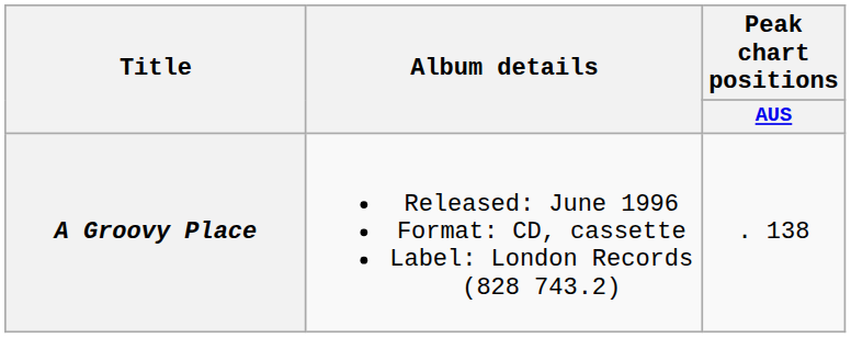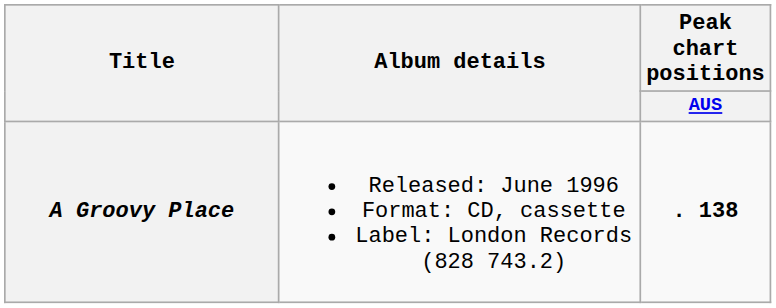 <table class="wikitable plainrowheaders" style="text-align:center;" border="1">
 <tr>
 <th scope="col" rowspan="2" style="width:12em;">Title</th>
 <th scope="col" rowspan="2" style="width:16em;">Album details</th>
 <th scope="col" colspan="1">Peak chart<br>positions</th>
 </tr>
 <tr>
 <th scope="col" style="width:3em; font-size:85%"><a href='#'>AUS</a><br></th>
 </tr>
 <tr>
 <th scope="row"><em>A Groovy Place</em></th>
 <td><br><ul><li>Released: June 1996</li><li>Format: CD, cassette</li><li>Label: London Records (828 743.2)</li></ul></td>
-<td>. 138</td>
+<td><strong>. 138</strong></td>
 </tr>
 </table>
